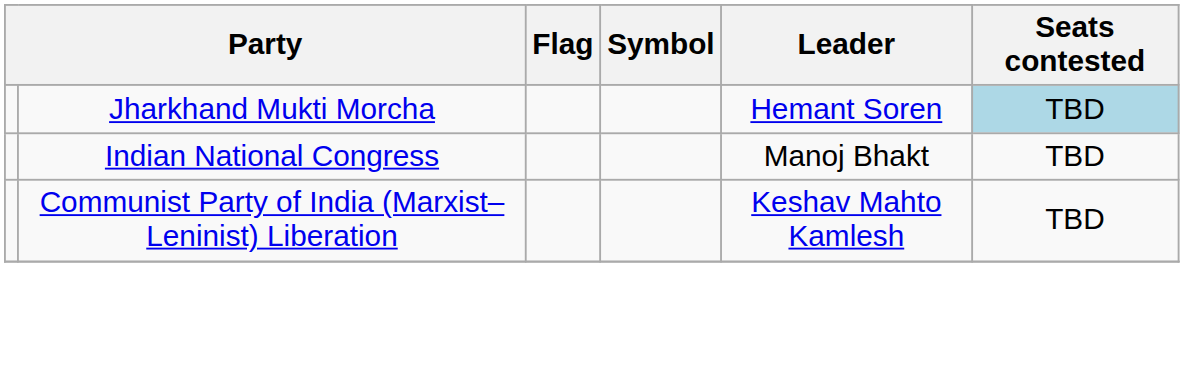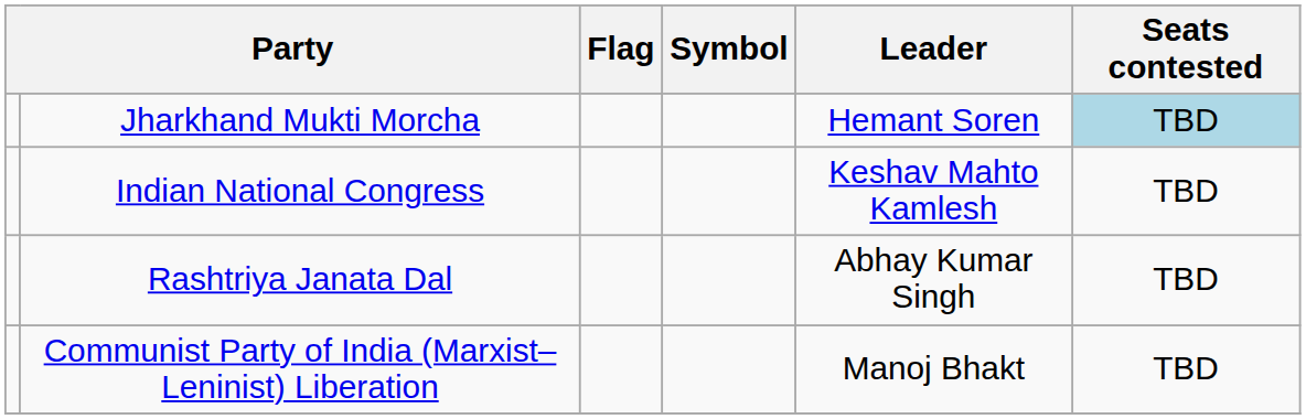 <table class="wikitable" width="50%" style="text-align:center;">
 <tr>
 <th colspan="2">Party</th>
 <th>Flag</th>
 <th>Symbol</th>
 <th>Leader</th>
 <th>Seats contested</th>
 </tr>
 <tr>
 <td></td>
 <td><a href='#'>Jharkhand Mukti Morcha</a></td>
 <td></td>
 <td></td>
 <td><a href='#'>Hemant Soren</a></td>
 <td style="background: lightblue;">TBD</td>
 </tr>
 <tr>
 <td></td>
 <td><a href='#'>Indian National Congress</a></td>
 <td></td>
 <td></td>
-<td>Manoj Bhakt</td>
+<td><a href='#'>Keshav Mahto Kamlesh</a></td>
+<td>TBD</td>
+</tr>
+<tr>
+<td></td>
+<td><a href='#'>Rashtriya Janata Dal</a></td>
+<td></td>
+<td></td>
+<td>Abhay Kumar Singh</td>
 <td>TBD</td>
 </tr>
 <tr>
 <td></td>
 <td><a href='#'>Communist Party of India (Marxist–Leninist) Liberation</a></td>
 <td></td>
 <td></td>
-<td><a href='#'>Keshav Mahto Kamlesh</a></td>
+<td>Manoj Bhakt</td>
 <td>TBD</td>
 </tr>
 <tr>
 </tr>
 </table>
